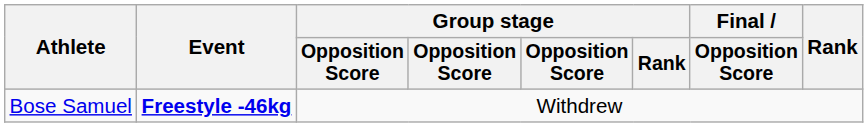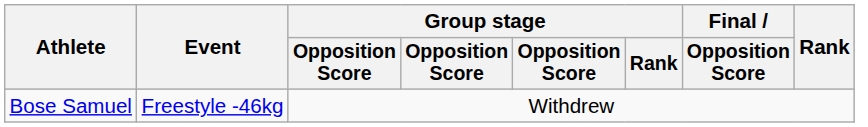 <table class="wikitable" style="font-size:90%">
 <tr>
 <th rowspan=2>Athlete</th>
 <th rowspan=2>Event</th>
 <th colspan=4>Group stage</th>
 <th>Final / </th>
 <th rowspan=2>Rank</th>
 </tr>
 <tr style="font-size:95%">
 <th>Opposition<br>Score</th>
 <th>Opposition<br>Score</th>
 <th>Opposition<br>Score</th>
 <th>Rank</th>
 <th>Opposition<br>Score</th>
 </tr>
 <tr align=center>
 <td align=left><a href='#'>Bose Samuel</a></td>
-<td align=left><strong><a href='#'>Freestyle -46kg</a></strong></td>
+<td align=left><a href='#'>Freestyle -46kg</a></td>
 <td colspan=6>Withdrew</td>
 </tr>
 </table>
